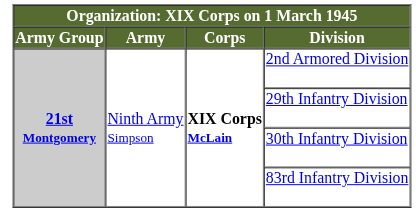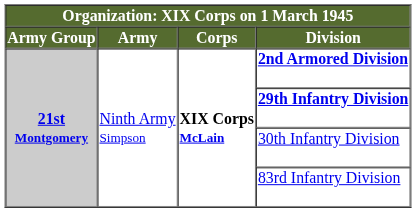 <table style="float: right;" border="1" cellpadding="1" cellspacing="0" style="font-size: 85%; border: gray solid 1px; border-collapse: collapse; text-align: center;">
 <tr style="background-color:DarkOliveGreen; color:white;">
 <th colspan="4">Organization: XIX Corps on 1 March 1945</th>
 </tr>
 <tr>
 </tr>
 <tr style="background-color:DarkOliveGreen; color:white;">
 <th>Army Group</th>
 <th>Army</th>
 <th>Corps</th>
 <th>Division</th>
 </tr>
 <tr>
 <th ROWSPAN=4 style="background:#ccc;" style="border-bottom:1px solid gray;"><a href='#'>21st</a><br><small><a href='#'>Montgomery</a></small></th>
 <td ROWSPAN=4><a href='#'>Ninth Army</a><br><small><a href='#'>Simpson</a></small></td>
 <td ROWSPAN=4><strong>XIX Corps<br><small><a href='#'>McLain</a></small></strong></td>
-<td><a href='#'>2nd Armored Division</a><br><small> </small></td>
+<td><strong><a href='#'>2nd Armored Division</a><br><small> </small></strong></td>
 </tr>
 <tr>
-<td><a href='#'>29th Infantry Division</a><br><small> </small></td>
+<td><strong><a href='#'>29th Infantry Division</a><br><small> </small></strong></td>
 </tr>
 <tr>
 <td><a href='#'>30th Infantry Division</a><br><small> </small></td>
 </tr>
 <tr>
 <td><a href='#'>83rd Infantry Division</a><br><small> </small></td>
 </tr>
 <tr>
 </tr>
 </table>
